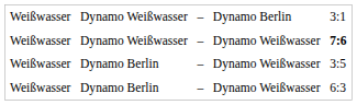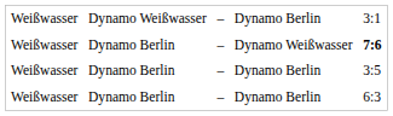 <table cellspacing="0" border="0" cellpadding="6" style="border:1px solid #bbb; background-color:#FFFFFF;">
 <tr>
 <td>Weißwasser</td>
 <td>Dynamo Weißwasser</td>
 <td>–</td>
 <td>Dynamo Berlin</td>
 <td>3:1</td>
 </tr>
 <tr>
 <td>Weißwasser</td>
-<td>Dynamo Weißwasser</td>
+<td>Dynamo Berlin</td>
 <td>–</td>
 <td>Dynamo Weißwasser</td>
 <td><strong>7:6</strong></td>
 </tr>
 <tr>
 <td>Weißwasser</td>
 <td>Dynamo Berlin</td>
 <td>–</td>
-<td>Dynamo Weißwasser</td>
+<td>Dynamo Berlin</td>
 <td>3:5</td>
 </tr>
 <tr>
 <td>Weißwasser</td>
 <td>Dynamo Berlin</td>
 <td>–</td>
-<td>Dynamo Weißwasser</td>
+<td>Dynamo Berlin</td>
 <td>6:3</td>
 </tr>
 </table>
